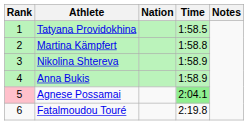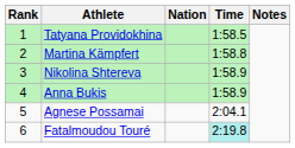 <table class="wikitable sortable" style="text-align:center">
 <tr>
 <th>Rank</th>
 <th>Athlete</th>
 <th>Nation</th>
 <th>Time</th>
 <th>Notes</th>
 </tr>
 <tr style="background:#bbf3bb;">
 <td>1</td>
 <td align=left><a href='#'>Tatyana Providokhina</a></td>
 <td align=left></td>
 <td>1:58.5</td>
 </tr>
 <tr style="background:#bbf3bb;">
 <td>2</td>
 <td align=left><a href='#'>Martina Kämpfert</a></td>
 <td align=left></td>
 <td>1:58.8</td>
 </tr>
 <tr style="background:#bbf3bb;">
 <td>3</td>
 <td align=left><a href='#'>Nikolina Shtereva</a></td>
 <td align=left></td>
 <td>1:58.9</td>
 </tr>
 <tr style="background:#bbf3bb;">
 <td>4</td>
 <td align=left><a href='#'>Anna Bukis</a></td>
 <td align=left></td>
 <td>1:58.9</td>
 </tr>
 <tr>
-<td style="background: pink;">5</td>
+<td>5</td>
 <td align=left><a href='#'>Agnese Possamai</a></td>
 <td align=left></td>
-<td style="background: lightgreen;">2:04.1</td>
+<td>2:04.1</td>
 </tr>
 <tr>
 <td>6</td>
 <td align=left><a href='#'>Fatalmoudou Touré</a></td>
 <td align=left></td>
-<td>2:19.8</td>
+<td style="background: paleturquoise;">2:19.8</td>
 </tr>
 </table>
